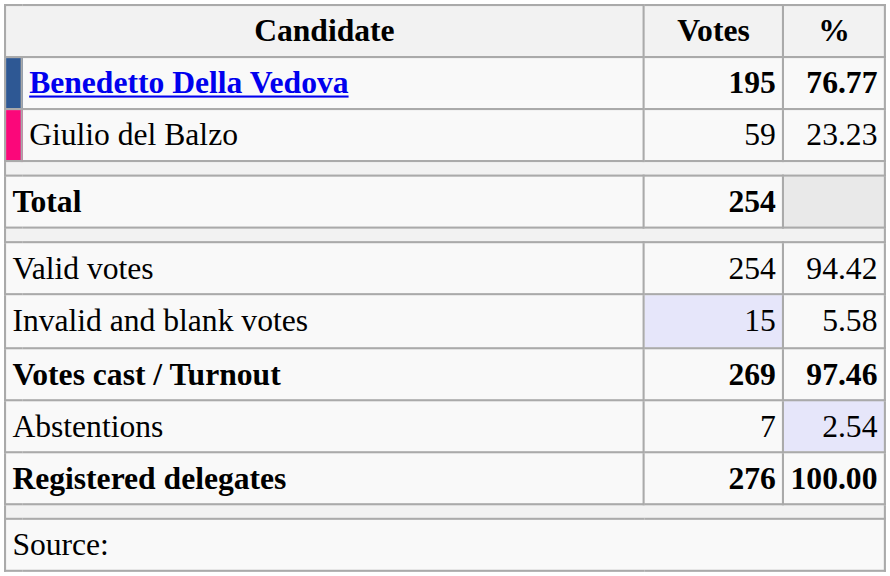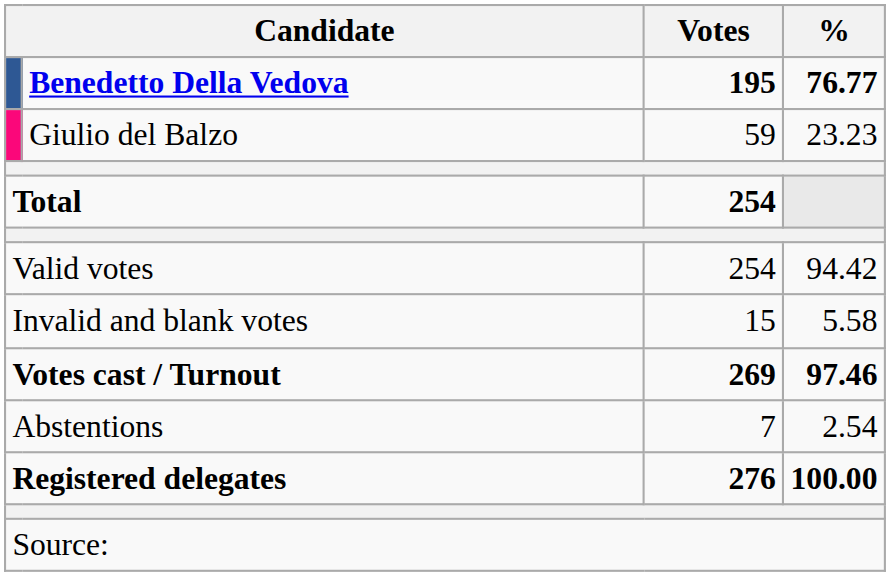 <table class="wikitable" style="text-align:right; font-size:95%;">
 <tr>
 <th colspan="2" width="300">Candidate</th>
 <th width="60">Votes</th>
 <th width="40">%</th>
 </tr>
 <tr>
 <td style="color:inherit;background:#2E5894"></td>
 <td align="left"><strong><a href='#'>Benedetto Della Vedova</a></strong></td>
 <td><strong>195</strong></td>
 <td><strong>76.77</strong></td>
 </tr>
 <tr>
 <td width="1" bgcolor=#FB077A></td>
 <td align="left">Giulio del Balzo</td>
 <td>59</td>
 <td>23.23</td>
 </tr>
 <tr>
 <th colspan="4"></th>
 </tr>
 <tr style="font-weight:bold;">
 <td align="left" colspan="2">Total</td>
 <td>254</td>
 <td bgcolor="#E9E9E9"></td>
 </tr>
 <tr>
 <th colspan="4"></th>
 </tr>
 <tr>
 <td colspan="2" align=left>Valid votes</td>
 <td align="right">254</td>
 <td align="right">94.42</td>
 </tr>
 <tr>
 <td colspan="2" align=left>Invalid and blank votes</td>
-<td align="right" style="background: lavender;">15</td>
+<td align="right">15</td>
 <td align="right">5.58</td>
 </tr>
 <tr>
 <td colspan="2" align="left"><strong>Votes cast / Turnout</strong></td>
 <td align="right"><strong>269</strong></td>
 <td align="right"><strong>97.46</strong></td>
 </tr>
 <tr>
 <td colspan="2" align="left">Abstentions</td>
 <td align="right">7</td>
-<td align="right" style="background: lavender;">2.54</td>
+<td align="right">2.54</td>
 </tr>
 <tr>
 <td colspan="2" align="left"><strong>Registered delegates</strong></td>
 <td align="right"><strong>276</strong></td>
 <td align="right"><strong>100.00</strong></td>
 </tr>
 <tr>
 <th colspan="4"></th>
 </tr>
 <tr>
 <td colspan="4" align="left">Source: </td>
 </tr>
 </table>
